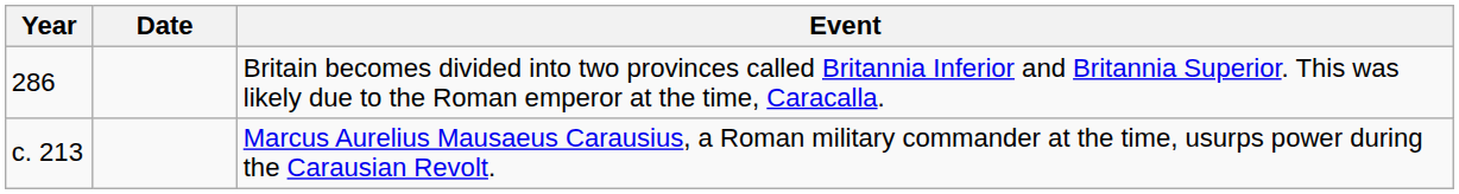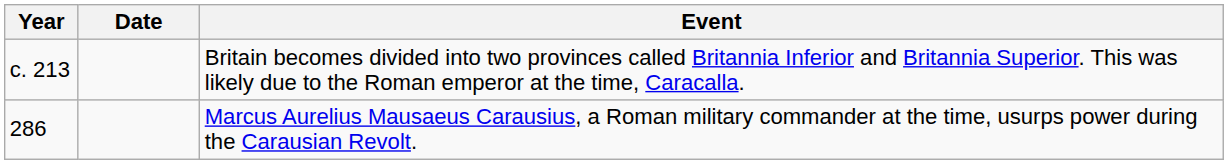 <table class="wikitable" width="100%">
 <tr>
 <th style="width:6%">Year</th>
 <th style="width:10%">Date</th>
 <th>Event</th>
 </tr>
 <tr>
-<td>286</td>
+<td>c. 213</td>
 <td></td>
 <td>Britain becomes divided into two provinces called <a href='#'>Britannia Inferior</a> and <a href='#'>Britannia Superior</a>. This was likely due to the Roman emperor at the time, <a href='#'>Caracalla</a>.</td>
 </tr>
 <tr>
-<td>c. 213</td>
+<td>286</td>
 <td></td>
 <td><a href='#'>Marcus Aurelius Mausaeus Carausius</a>, a Roman military commander at the time, usurps power during the <a href='#'>Carausian Revolt</a>.</td>
 </tr>
 </table>
